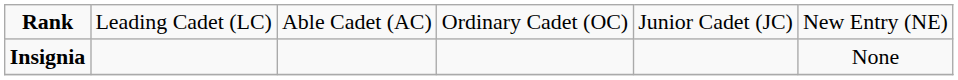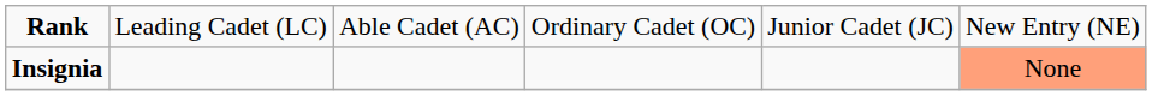 <table class="wikitable" style="text-align:center">
 <tr>
 <td><strong>Rank</strong></td>
 <td>Leading Cadet (LC)</td>
 <td>Able Cadet (AC)</td>
 <td>Ordinary Cadet (OC)</td>
 <td>Junior Cadet (JC)</td>
 <td>New Entry (NE)</td>
 </tr>
 <tr>
 <td><strong>Insignia</strong></td>
 <td></td>
 <td></td>
 <td></td>
 <td></td>
-<td>None</td>
+<td style="background: lightsalmon;">None</td>
 </tr>
 <tr>
 </tr>
 </table>
